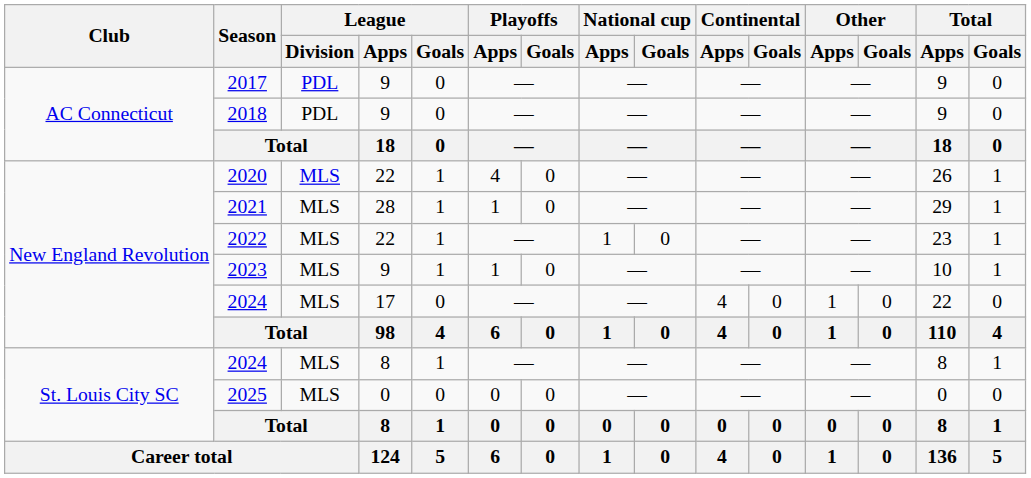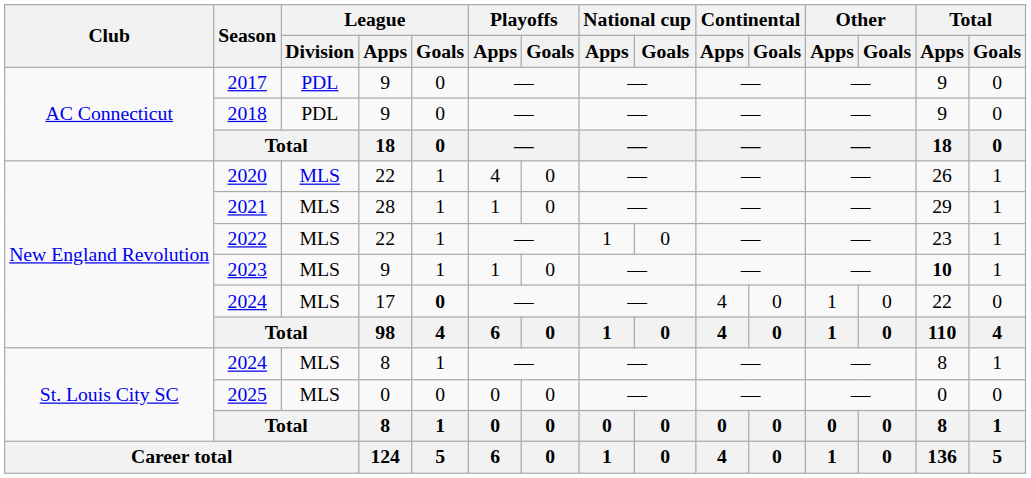 <table class=wikitable style=text-align:center>
 <tr>
 <th rowspan=2>Club</th>
 <th rowspan=2>Season</th>
 <th colspan=3>League</th>
 <th colspan=2>Playoffs</th>
 <th colspan=2>National cup</th>
 <th colspan=2>Continental</th>
 <th colspan=2>Other</th>
 <th colspan=2>Total</th>
 </tr>
 <tr>
 <th>Division</th>
 <th>Apps</th>
 <th>Goals</th>
 <th>Apps</th>
 <th>Goals</th>
 <th>Apps</th>
 <th>Goals</th>
 <th>Apps</th>
 <th>Goals</th>
 <th>Apps</th>
 <th>Goals</th>
 <th>Apps</th>
 <th>Goals</th>
 </tr>
 <tr>
 <td rowspan=3><a href='#'>AC Connecticut</a></td>
 <td><a href='#'>2017</a></td>
 <td><a href='#'>PDL</a></td>
 <td>9</td>
 <td>0</td>
 <td colspan="2">—</td>
 <td colspan="2">—</td>
 <td colspan="2">—</td>
 <td colspan="2">—</td>
 <td>9</td>
 <td>0</td>
 </tr>
 <tr>
 <td><a href='#'>2018</a></td>
 <td>PDL</td>
 <td>9</td>
 <td>0</td>
 <td colspan="2">—</td>
 <td colspan="2">—</td>
 <td colspan="2">—</td>
 <td colspan="2">—</td>
 <td>9</td>
 <td>0</td>
 </tr>
 <tr>
 <th colspan=2>Total</th>
 <th>18</th>
 <th>0</th>
 <th colspan="2">—</th>
 <th colspan="2">—</th>
 <th colspan="2">—</th>
 <th colspan="2">—</th>
 <th>18</th>
 <th>0</th>
 </tr>
 <tr>
 <td rowspan=6><a href='#'>New England Revolution</a></td>
 <td><a href='#'>2020</a></td>
 <td><a href='#'>MLS</a></td>
 <td>22</td>
 <td>1</td>
 <td>4</td>
 <td>0</td>
 <td colspan="2">—</td>
 <td colspan="2">—</td>
 <td colspan="2">—</td>
 <td>26</td>
 <td>1</td>
 </tr>
 <tr>
 <td><a href='#'>2021</a></td>
 <td>MLS</td>
 <td>28</td>
 <td>1</td>
 <td>1</td>
 <td>0</td>
 <td colspan="2">—</td>
 <td colspan="2">—</td>
 <td colspan="2">—</td>
 <td>29</td>
 <td>1</td>
 </tr>
 <tr>
 <td><a href='#'>2022</a></td>
 <td>MLS</td>
 <td>22</td>
 <td>1</td>
 <td colspan="2">—</td>
 <td>1</td>
 <td>0</td>
 <td colspan="2">—</td>
 <td colspan="2">—</td>
 <td>23</td>
 <td>1</td>
 </tr>
 <tr>
 <td><a href='#'>2023</a></td>
 <td>MLS</td>
 <td>9</td>
 <td>1</td>
 <td>1</td>
 <td>0</td>
 <td colspan="2">—</td>
 <td colspan="2">—</td>
 <td colspan="2">—</td>
-<td>10</td>
+<td><strong>10</strong></td>
 <td>1</td>
 </tr>
 <tr>
 <td><a href='#'>2024</a></td>
 <td>MLS</td>
 <td>17</td>
-<td>0</td>
+<td><strong>0</strong></td>
 <td colspan="2">—</td>
 <td colspan="2">—</td>
 <td>4</td>
 <td>0</td>
 <td>1</td>
 <td>0</td>
 <td>22</td>
 <td>0</td>
 </tr>
 <tr>
 <th colspan=2>Total</th>
 <th>98</th>
 <th>4</th>
 <th>6</th>
 <th>0</th>
 <th>1</th>
 <th>0</th>
 <th>4</th>
 <th>0</th>
 <th>1</th>
 <th>0</th>
 <th>110</th>
 <th>4</th>
 </tr>
 <tr>
 <td rowspan=3><a href='#'>St. Louis City SC</a></td>
 <td><a href='#'>2024</a></td>
 <td>MLS</td>
 <td>8</td>
 <td>1</td>
 <td colspan="2">—</td>
 <td colspan="2">—</td>
 <td colspan="2">—</td>
 <td colspan="2">—</td>
 <td>8</td>
 <td>1</td>
 </tr>
 <tr>
 <td><a href='#'>2025</a></td>
 <td>MLS</td>
 <td>0</td>
 <td>0</td>
 <td>0</td>
 <td>0</td>
 <td colspan="2">—</td>
 <td colspan="2">—</td>
 <td colspan="2">—</td>
 <td>0</td>
 <td>0</td>
 </tr>
 <tr>
 <th colspan=2>Total</th>
 <th>8</th>
 <th>1</th>
 <th>0</th>
 <th>0</th>
 <th>0</th>
 <th>0</th>
 <th>0</th>
 <th>0</th>
 <th>0</th>
 <th>0</th>
 <th>8</th>
 <th>1</th>
 </tr>
 <tr>
 <th colspan=3>Career total</th>
 <th>124</th>
 <th>5</th>
 <th>6</th>
 <th>0</th>
 <th>1</th>
 <th>0</th>
 <th>4</th>
 <th>0</th>
 <th>1</th>
 <th>0</th>
 <th>136</th>
 <th>5</th>
 </tr>
 </table>
